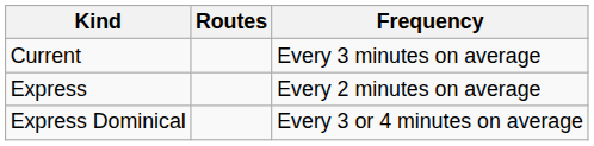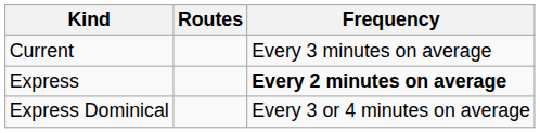 <table class="wikitable">
 <tr>
 <th>Kind</th>
 <th>Routes</th>
 <th>Frequency</th>
 </tr>
 <tr>
 <td>Current</td>
 <td></td>
 <td>Every 3 minutes on average</td>
 </tr>
 <tr>
 <td>Express</td>
 <td></td>
-<td>Every 2 minutes on average</td>
+<td><strong>Every 2 minutes on average</strong></td>
 </tr>
 <tr>
 <td>Express Dominical</td>
 <td></td>
 <td>Every 3 or 4 minutes on average</td>
 </tr>
 </table>
